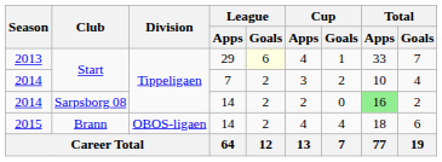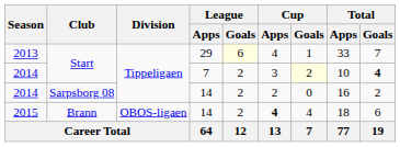 <table class="wikitable" style="text-align: center;">
 <tr>
 <th rowspan="2">Season</th>
 <th rowspan="2">Club</th>
 <th rowspan="2">Division</th>
 <th colspan="2">League</th>
 <th colspan="2">Cup</th>
 <th colspan="2">Total</th>
 </tr>
 <tr>
 <th>Apps</th>
 <th>Goals</th>
 <th>Apps</th>
 <th>Goals</th>
 <th>Apps</th>
 <th>Goals</th>
 </tr>
 <tr>
 <td><a href='#'>2013</a></td>
 <td rowspan="2" valign="center"><a href='#'>Start</a></td>
 <td rowspan="3" valign="center"><a href='#'>Tippeligaen</a></td>
 <td>29</td>
 <td style="background: lightyellow;">6</td>
 <td>4</td>
 <td>1</td>
 <td>33</td>
 <td>7</td>
 </tr>
 <tr>
 <td><a href='#'>2014</a></td>
 <td>7</td>
 <td>2</td>
 <td>3</td>
-<td>2</td>
+<td style="background: lightyellow;">2</td>
 <td>10</td>
-<td>4</td>
+<td><strong>4</strong></td>
 </tr>
 <tr>
 <td><a href='#'>2014</a></td>
 <td rowspan="1" valign="center"><a href='#'>Sarpsborg 08</a></td>
 <td>14</td>
 <td>2</td>
 <td>2</td>
 <td>0</td>
-<td style="background: lightgreen;">16</td>
+<td>16</td>
 <td>2</td>
 </tr>
 <tr>
 <td><a href='#'>2015</a></td>
 <td rowspan="1" valign="center"><a href='#'>Brann</a></td>
 <td rowspan="1" valign="center"><a href='#'>OBOS-ligaen</a></td>
 <td>14</td>
 <td>2</td>
-<td>4</td>
+<td><strong>4</strong></td>
 <td>4</td>
 <td>18</td>
 <td>6</td>
 </tr>
 <tr>
 <th colspan="3">Career Total</th>
 <th>64</th>
 <th>12</th>
 <th>13</th>
 <th>7</th>
 <th>77</th>
 <th>19</th>
 </tr>
 </table>
